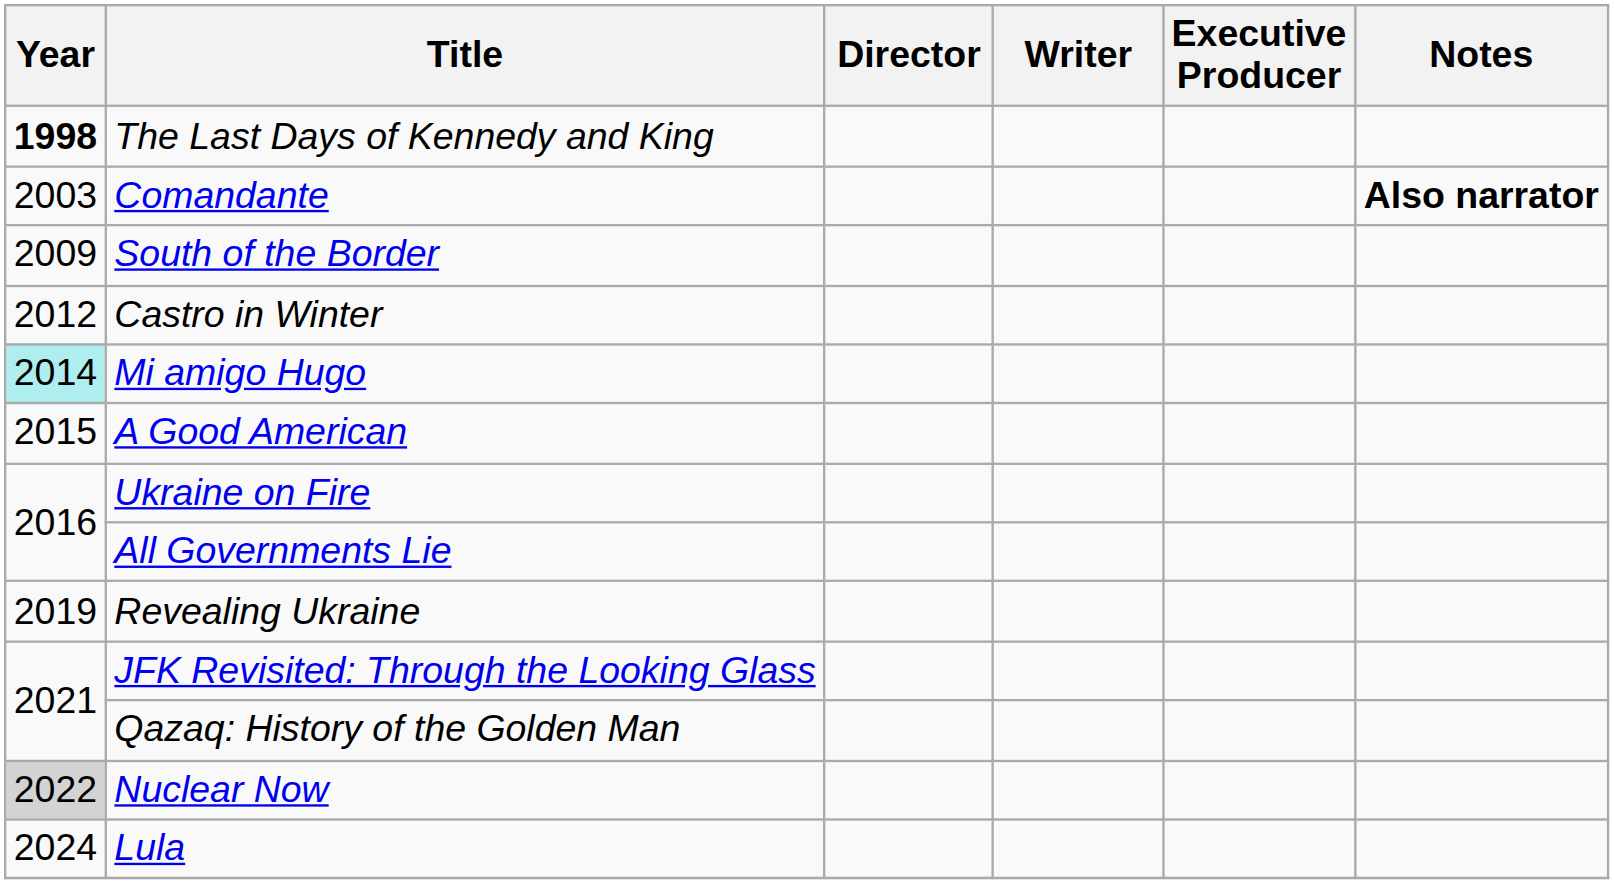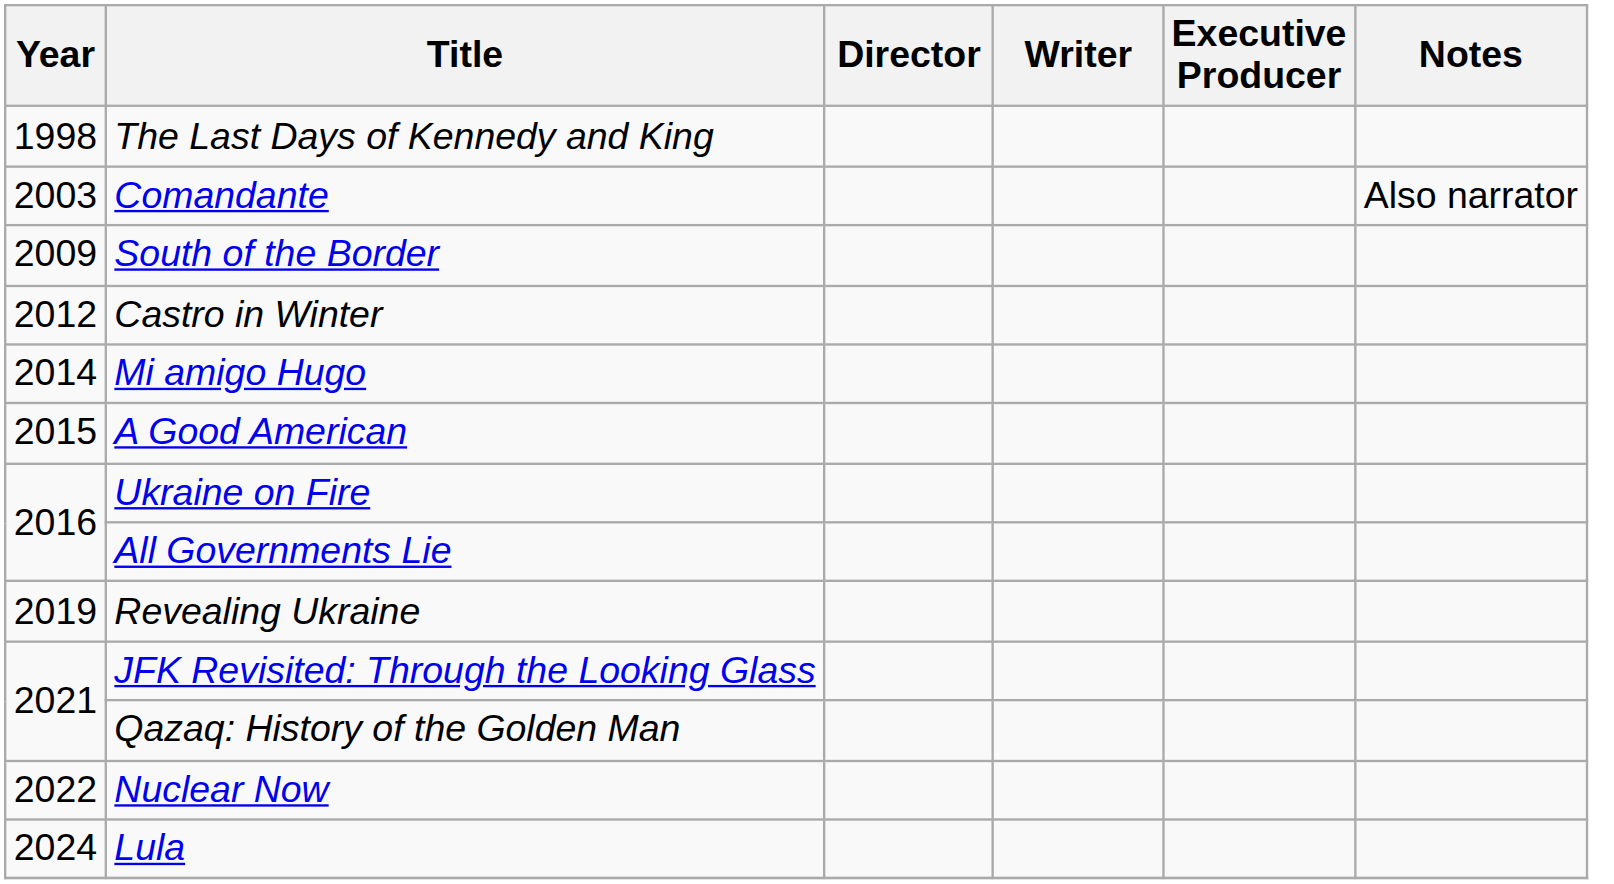 <table class="wikitable">
 <tr>
 <th>Year</th>
 <th>Title</th>
 <th width=65>Director</th>
 <th width=65>Writer</th>
 <th width=65>Executive<br>Producer</th>
 <th>Notes</th>
 </tr>
 <tr>
-<td><strong>1998</strong></td>
+<td>1998</td>
 <td><em>The Last Days of Kennedy and King</em></td>
 <td></td>
 <td></td>
 <td></td>
 <td></td>
 </tr>
 <tr>
 <td>2003</td>
 <td><em><a href='#'>Comandante</a></em></td>
 <td></td>
 <td></td>
 <td></td>
-<td><strong>Also narrator</strong></td>
+<td>Also narrator</td>
 </tr>
 <tr>
 <td>2009</td>
 <td><em><a href='#'>South of the Border</a></em></td>
 <td></td>
 <td></td>
 <td></td>
 <td></td>
 </tr>
 <tr>
 <td>2012</td>
 <td><em>Castro in Winter</em></td>
 <td></td>
 <td></td>
 <td></td>
 <td></td>
 </tr>
 <tr>
-<td style="background: paleturquoise;">2014</td>
+<td>2014</td>
 <td><em><a href='#'>Mi amigo Hugo</a></em></td>
 <td></td>
 <td></td>
 <td></td>
 <td></td>
 </tr>
 <tr>
 <td>2015</td>
 <td><em><a href='#'>A Good American</a></em></td>
 <td></td>
 <td></td>
 <td></td>
 <td></td>
 </tr>
 <tr>
 <td rowspan=2>2016</td>
 <td><em><a href='#'>Ukraine on Fire</a></em></td>
 <td></td>
 <td></td>
 <td></td>
 <td></td>
 </tr>
 <tr>
 <td><em><a href='#'>All Governments Lie</a></em></td>
 <td></td>
 <td></td>
 <td></td>
 <td></td>
 </tr>
 <tr>
 <td>2019</td>
 <td><em>Revealing Ukraine</em></td>
 <td></td>
 <td></td>
 <td></td>
 <td></td>
 </tr>
 <tr>
 <td rowspan=2>2021</td>
 <td><em><a href='#'>JFK Revisited: Through the Looking Glass</a></em></td>
 <td></td>
 <td></td>
 <td></td>
 <td></td>
 </tr>
 <tr>
 <td><em>Qazaq: History of the Golden Man</em></td>
 <td></td>
 <td></td>
 <td></td>
 <td></td>
 </tr>
 <tr>
-<td style="background: lightgrey;">2022</td>
+<td>2022</td>
 <td><em><a href='#'>Nuclear Now</a></em></td>
 <td></td>
 <td></td>
 <td></td>
 <td></td>
 </tr>
 <tr>
 <td>2024</td>
 <td><em><a href='#'>Lula</a></em></td>
 <td></td>
 <td></td>
 <td></td>
 <td></td>
 </tr>
 <tr>
 </tr>
 </table>
